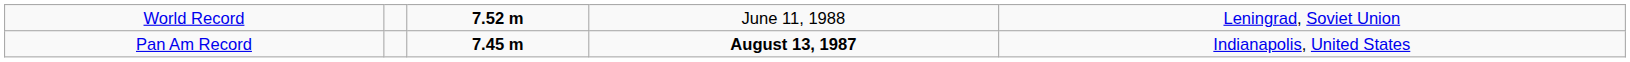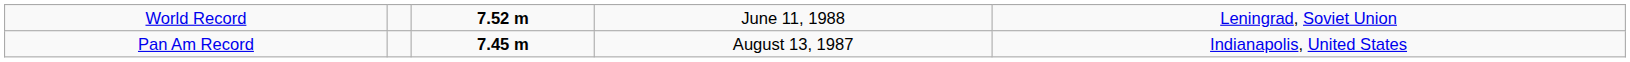 <table class="wikitable" style=" text-align:center; font-size:95%;" width="75%">
 <tr>
 <td><a href='#'>World Record</a></td>
 <td></td>
 <td><strong>7.52 m </strong></td>
 <td>June 11, 1988</td>
 <td> <a href='#'>Leningrad</a>, <a href='#'>Soviet Union</a></td>
 </tr>
 <tr>
 <td><a href='#'>Pan Am Record</a></td>
 <td></td>
 <td><strong>7.45 m </strong></td>
-<td><strong>August 13, 1987</strong></td>
+<td>August 13, 1987</td>
 <td> <a href='#'>Indianapolis</a>, <a href='#'>United States</a></td>
 </tr>
 </table>
